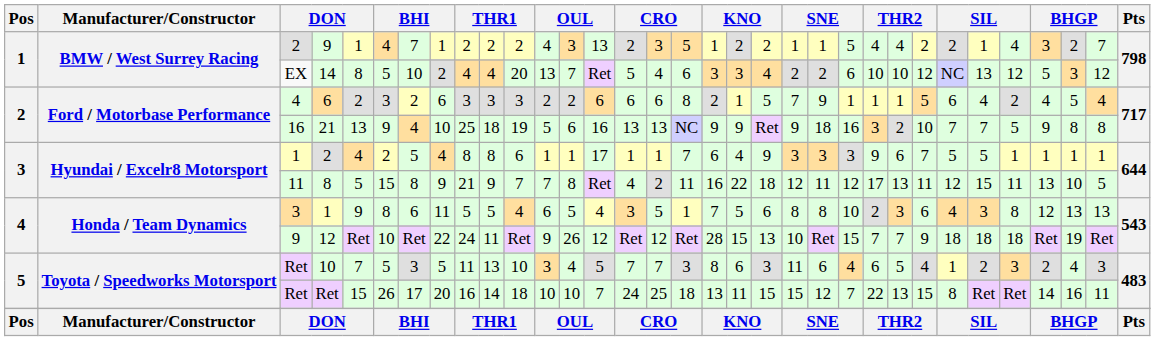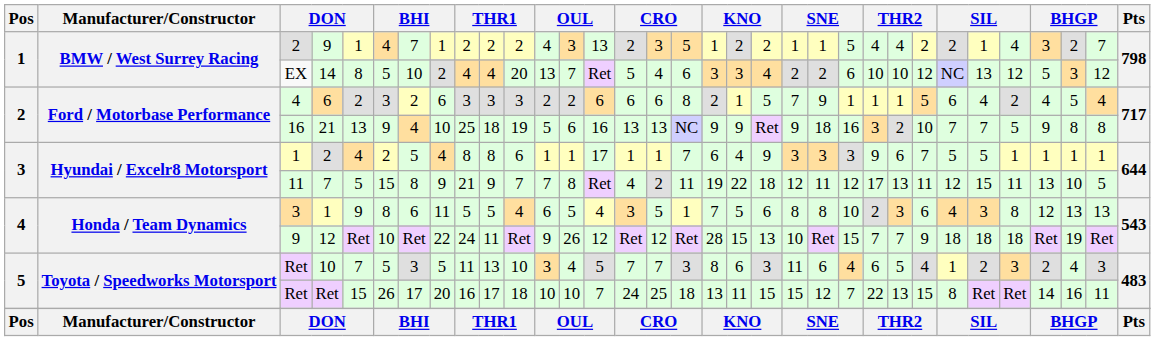 <table class="wikitable" style="font-size: 85%; text-align: center;">
 <tr valign="top">
 <th valign="middle">Pos</th>
 <th valign="middle">Manufacturer/Constructor</th>
 <th colspan="3"><a href='#'>DON</a></th>
 <th colspan="3"><a href='#'>BHI</a></th>
 <th colspan="3"><a href='#'>THR1</a></th>
 <th colspan="3"><a href='#'>OUL</a></th>
 <th colspan="3"><a href='#'>CRO</a></th>
 <th colspan="3"><a href='#'>KNO</a></th>
 <th colspan="3"><a href='#'>SNE</a></th>
 <th colspan="3"><a href='#'>THR2</a></th>
 <th colspan="3"><a href='#'>SIL</a></th>
 <th colspan="3"><a href='#'>BHGP</a></th>
 <th valign=middle>Pts</th>
 </tr>
 <tr>
 <th rowspan=2>1</th>
 <th rowspan=2 align=left><a href='#'>BMW</a> / <a href='#'>West Surrey Racing</a></th>
 <td style="background:#dfdfdf;">2</td>
 <td style="background:#dfffdf;">9</td>
 <td style="background:#ffffbf;">1</td>
 <td style="background:#ffdf9f;">4</td>
 <td style="background:#dfffdf;">7</td>
 <td style="background:#ffffbf;">1</td>
 <td style="background:#ffffbf;">2</td>
 <td style="background:#ffffbf;">2</td>
 <td style="background:#ffffbf;">2</td>
 <td style="background:#dfffdf;">4</td>
 <td style="background:#ffdf9f;">3</td>
 <td style="background:#dfffdf;">13</td>
 <td style="background:#dfdfdf;">2</td>
 <td style="background:#ffdf9f;">3</td>
 <td style="background:#ffdf9f;">5</td>
 <td style="background:#ffffbf;">1</td>
 <td style="background:#dfdfdf;">2</td>
 <td style="background:#ffffbf;">2</td>
 <td style="background:#ffffbf;">1</td>
 <td style="background:#ffffbf;">1</td>
 <td style="background:#dfffdf;">5</td>
 <td style="background:#dfffdf;">4</td>
 <td style="background:#dfffdf;">4</td>
 <td style="background:#ffffbf;">2</td>
 <td style="background:#dfdfdf;">2</td>
 <td style="background:#ffffbf;">1</td>
 <td style="background:#dfffdf;">4</td>
 <td style="background:#ffdf9f;">3</td>
 <td style="background:#dfdfdf;">2</td>
 <td style="background:#dfffdf;">7</td>
 <th rowspan=2>798</th>
 </tr>
 <tr>
 <td>EX</td>
 <td style="background:#dfffdf;">14</td>
 <td style="background:#dfffdf;">8</td>
 <td style="background:#dfffdf;">5</td>
 <td style="background:#dfffdf;">10</td>
 <td style="background:#dfdfdf;">2</td>
 <td style="background:#ffdf9f;">4</td>
 <td style="background:#ffdf9f;">4</td>
 <td style="background:#dfffdf;">20</td>
 <td style="background:#dfffdf;">13</td>
 <td style="background:#dfffdf;">7</td>
 <td style="background:#efcfff;">Ret</td>
 <td style="background:#dfffdf;">5</td>
 <td style="background:#dfffdf;">4</td>
 <td style="background:#dfffdf;">6</td>
 <td style="background:#ffdf9f;">3</td>
 <td style="background:#ffdf9f;">3</td>
 <td style="background:#ffdf9f;">4</td>
 <td style="background:#dfdfdf;">2</td>
 <td style="background:#dfdfdf;">2</td>
 <td style="background:#dfffdf;">6</td>
 <td style="background:#dfffdf;">10</td>
 <td style="background:#dfffdf;">10</td>
 <td style="background:#dfffdf;">12</td>
 <td style="background:#cfcfff;">NC</td>
 <td style="background:#dfffdf;">13</td>
 <td style="background:#dfffdf;">12</td>
 <td style="background:#dfffdf;">5</td>
 <td style="background:#ffdf9f;">3</td>
 <td style="background:#dfffdf;">12</td>
 </tr>
 <tr>
 <th rowspan=2>2</th>
 <th rowspan=2 align=left><a href='#'>Ford</a> / <a href='#'>Motorbase Performance</a></th>
 <td style="background:#dfffdf;">4</td>
 <td style="background:#ffdf9f;">6</td>
 <td style="background:#dfdfdf;">2</td>
 <td style="background:#dfdfdf;">3</td>
 <td style="background:#ffffbf;">2</td>
 <td style="background:#dfffdf;">6</td>
 <td style="background:#dfdfdf;">3</td>
 <td style="background:#dfdfdf;">3</td>
 <td style="background:#dfdfdf;">3</td>
 <td style="background:#dfdfdf;">2</td>
 <td style="background:#dfdfdf;">2</td>
 <td style="background:#ffdf9f;">6</td>
 <td style="background:#dfffdf;">6</td>
 <td style="background:#dfffdf;">6</td>
 <td style="background:#dfffdf;">8</td>
 <td style="background:#dfdfdf;">2</td>
 <td style="background:#ffffbf;">1</td>
 <td style="background:#dfffdf;">5</td>
 <td style="background:#dfffdf;">7</td>
 <td style="background:#dfffdf;">9</td>
 <td style="background:#ffffbf;">1</td>
 <td style="background:#ffffbf;">1</td>
 <td style="background:#ffffbf;">1</td>
 <td style="background:#ffdf9f;">5</td>
 <td style="background:#dfffdf;">6</td>
 <td style="background:#dfffdf;">4</td>
 <td style="background:#dfdfdf;">2</td>
 <td style="background:#dfffdf;">4</td>
 <td style="background:#dfffdf;">5</td>
 <td style="background:#ffdf9f;">4</td>
 <th rowspan=2>717</th>
 </tr>
 <tr>
 <td style="background:#dfffdf;">16</td>
 <td style="background:#dfffdf;">21</td>
 <td style="background:#dfffdf;">13</td>
 <td style="background:#dfffdf;">9</td>
 <td style="background:#ffdf9f;">4</td>
 <td style="background:#dfffdf;">10</td>
 <td style="background:#dfffdf;">25</td>
 <td style="background:#dfffdf;">18</td>
 <td style="background:#dfffdf;">19</td>
 <td style="background:#dfffdf;">5</td>
 <td style="background:#dfffdf;">6</td>
 <td style="background:#dfffdf;">16</td>
 <td style="background:#dfffdf;">13</td>
 <td style="background:#dfffdf;">13</td>
 <td style="background:#cfcfff;">NC</td>
 <td style="background:#dfffdf;">9</td>
 <td style="background:#dfffdf;">9</td>
 <td style="background:#efcfff;">Ret</td>
 <td style="background:#dfffdf;">9</td>
 <td style="background:#dfffdf;">18</td>
 <td style="background:#dfffdf;">16</td>
 <td style="background:#ffdf9f;">3</td>
 <td style="background:#dfdfdf;">2</td>
 <td style="background:#dfffdf;">10</td>
 <td style="background:#dfffdf;">7</td>
 <td style="background:#dfffdf;">7</td>
 <td style="background:#dfffdf;">5</td>
 <td style="background:#dfffdf;">9</td>
 <td style="background:#dfffdf;">8</td>
 <td style="background:#dfffdf;">8</td>
 </tr>
 <tr>
 <th rowspan=2>3</th>
 <th rowspan=2 align=left><a href='#'>Hyundai</a> / <a href='#'>Excelr8 Motorsport</a></th>
 <td style="background:#ffffbf;">1</td>
 <td style="background:#dfdfdf;">2</td>
 <td style="background:#ffdf9f;">4</td>
 <td style="background:#ffffbf;">2</td>
 <td style="background:#dfffdf;">5</td>
 <td style="background:#ffdf9f;">4</td>
 <td style="background:#dfffdf;">8</td>
 <td style="background:#dfffdf;">8</td>
 <td style="background:#dfffdf;">6</td>
 <td style="background:#ffffbf;">1</td>
 <td style="background:#ffffbf;">1</td>
 <td style="background:#dfffdf;">17</td>
 <td style="background:#ffffbf;">1</td>
 <td style="background:#ffffbf;">1</td>
 <td style="background:#dfffdf;">7</td>
 <td style="background:#dfffdf;">6</td>
 <td style="background:#dfffdf;">4</td>
 <td style="background:#dfffdf;">9</td>
 <td style="background:#ffdf9f;">3</td>
 <td style="background:#ffdf9f;">3</td>
 <td style="background:#dfdfdf;">3</td>
 <td style="background:#dfffdf;">9</td>
 <td style="background:#dfffdf;">6</td>
 <td style="background:#dfffdf;">7</td>
 <td style="background:#dfffdf;">5</td>
 <td style="background:#dfffdf;">5</td>
 <td style="background:#ffffbf;">1</td>
 <td style="background:#ffffbf;">1</td>
 <td style="background:#ffffbf;">1</td>
 <td style="background:#ffffbf;">1</td>
 <th rowspan=2>644</th>
 </tr>
 <tr>
 <td style="background:#dfffdf;">11</td>
-<td style="background:#dfffdf;">8</td>
+<td style="background:#dfffdf;">7</td>
 <td style="background:#dfffdf;">5</td>
 <td style="background:#dfffdf;">15</td>
 <td style="background:#dfffdf;">8</td>
 <td style="background:#dfffdf;">9</td>
 <td style="background:#dfffdf;">21</td>
 <td style="background:#dfffdf;">9</td>
 <td style="background:#dfffdf;">7</td>
 <td style="background:#dfffdf;">7</td>
 <td style="background:#dfffdf;">8</td>
 <td style="background:#efcfff;">Ret</td>
 <td style="background:#dfffdf;">4</td>
 <td style="background:#dfdfdf;">2</td>
 <td style="background:#dfffdf;">11</td>
-<td style="background:#dfffdf;">16</td>
+<td style="background:#dfffdf;">19</td>
 <td style="background:#dfffdf;">22</td>
 <td style="background:#dfffdf;">18</td>
 <td style="background:#dfffdf;">12</td>
 <td style="background:#dfffdf;">11</td>
 <td style="background:#dfffdf;">12</td>
 <td style="background:#dfffdf;">17</td>
 <td style="background:#dfffdf;">13</td>
 <td style="background:#dfffdf;">11</td>
 <td style="background:#dfffdf;">12</td>
 <td style="background:#dfffdf;">15</td>
 <td style="background:#dfffdf;">11</td>
 <td style="background:#dfffdf;">13</td>
 <td style="background:#dfffdf;">10</td>
 <td style="background:#dfffdf;">5</td>
 </tr>
 <tr>
 <th rowspan=2>4</th>
 <th rowspan=2 align=left><a href='#'>Honda</a> / <a href='#'>Team Dynamics</a></th>
 <td style="background:#ffdf9f;">3</td>
 <td style="background:#ffffbf;">1</td>
 <td style="background:#dfffdf;">9</td>
 <td style="background:#dfffdf;">8</td>
 <td style="background:#dfffdf;">6</td>
 <td style="background:#dfffdf;">11</td>
 <td style="background:#dfffdf;">5</td>
 <td style="background:#dfffdf;">5</td>
 <td style="background:#ffdf9f;">4</td>
 <td style="background:#dfffdf;">6</td>
 <td style="background:#dfffdf;">5</td>
 <td style="background:#ffffbf;">4</td>
 <td style="background:#ffdf9f;">3</td>
 <td style="background:#dfffdf;">5</td>
 <td style="background:#ffffbf;">1</td>
 <td style="background:#dfffdf;">7</td>
 <td style="background:#dfffdf;">5</td>
 <td style="background:#dfffdf;">6</td>
 <td style="background:#dfffdf;">8</td>
 <td style="background:#dfffdf;">8</td>
 <td style="background:#dfffdf;">10</td>
 <td style="background:#dfdfdf;">2</td>
 <td style="background:#ffdf9f;">3</td>
 <td style="background:#dfffdf;">6</td>
 <td style="background:#ffdf9f;">4</td>
 <td style="background:#ffdf9f;">3</td>
 <td style="background:#dfffdf;">8</td>
 <td style="background:#dfffdf;">12</td>
 <td style="background:#dfffdf;">13</td>
 <td style="background:#dfffdf;">13</td>
 <th rowspan=2>543</th>
 </tr>
 <tr>
 <td style="background:#dfffdf;">9</td>
 <td style="background:#dfffdf;">12</td>
 <td style="background:#efcfff;">Ret</td>
 <td style="background:#dfffdf;">10</td>
 <td style="background:#efcfff;">Ret</td>
 <td style="background:#dfffdf;">22</td>
 <td style="background:#dfffdf;">24</td>
 <td style="background:#dfffdf;">11</td>
 <td style="background:#efcfff;">Ret</td>
 <td style="background:#dfffdf;">9</td>
 <td style="background:#dfffdf;">26</td>
 <td style="background:#dfffdf;">12</td>
 <td style="background:#efcfff;">Ret</td>
 <td style="background:#dfffdf;">12</td>
 <td style="background:#efcfff;">Ret</td>
 <td style="background:#dfffdf;">28</td>
 <td style="background:#dfffdf;">15</td>
 <td style="background:#dfffdf;">13</td>
 <td style="background:#dfffdf;">10</td>
 <td style="background:#efcfff;">Ret</td>
 <td style="background:#dfffdf;">15</td>
 <td style="background:#dfffdf;">7</td>
 <td style="background:#dfffdf;">7</td>
 <td style="background:#dfffdf;">9</td>
 <td style="background:#dfffdf;">18</td>
 <td style="background:#dfffdf;">18</td>
 <td style="background:#dfffdf;">18</td>
 <td style="background:#efcfff;">Ret</td>
 <td style="background:#dfffdf;">19</td>
 <td style="background:#efcfff;">Ret</td>
 </tr>
 <tr>
 <th rowspan=2>5</th>
 <th rowspan=2 align=left nowrap><a href='#'>Toyota</a> / <a href='#'>Speedworks Motorsport</a></th>
 <td style="background:#efcfff;">Ret</td>
 <td style="background:#dfffdf;">10</td>
 <td style="background:#dfffdf;">7</td>
 <td style="background:#dfffdf;">5</td>
 <td style="background:#dfdfdf;">3</td>
 <td style="background:#dfffdf;">5</td>
 <td style="background:#dfffdf;">11</td>
 <td style="background:#dfffdf;">13</td>
 <td style="background:#dfffdf;">10</td>
 <td style="background:#ffdf9f;">3</td>
 <td style="background:#dfffdf;">4</td>
 <td style="background:#dfdfdf;">5</td>
 <td style="background:#dfffdf;">7</td>
 <td style="background:#dfffdf;">7</td>
 <td style="background:#dfdfdf;">3</td>
 <td style="background:#dfffdf;">8</td>
 <td style="background:#dfffdf;">6</td>
 <td style="background:#dfdfdf;">3</td>
 <td style="background:#dfffdf;">11</td>
 <td style="background:#dfffdf;">6</td>
 <td style="background:#ffdf9f;">4</td>
 <td style="background:#dfffdf;">6</td>
 <td style="background:#dfffdf;">5</td>
 <td style="background:#dfdfdf;">4</td>
 <td style="background:#ffffbf;">1</td>
 <td style="background:#dfdfdf;">2</td>
 <td style="background:#ffdf9f;">3</td>
 <td style="background:#dfdfdf;">2</td>
 <td style="background:#dfffdf;">4</td>
 <td style="background:#dfdfdf;">3</td>
 <th rowspan=2>483</th>
 </tr>
 <tr>
 <td style="background:#efcfff;">Ret</td>
 <td style="background:#efcfff;">Ret</td>
 <td style="background:#dfffdf;">15</td>
 <td style="background:#dfffdf;">26</td>
 <td style="background:#dfffdf;">17</td>
 <td style="background:#dfffdf;">20</td>
 <td style="background:#dfffdf;">16</td>
-<td style="background:#dfffdf;">14</td>
+<td style="background:#dfffdf;">17</td>
 <td style="background:#dfffdf;">18</td>
 <td style="background:#dfffdf;">10</td>
 <td style="background:#dfffdf;">10</td>
 <td style="background:#dfffdf;">7</td>
 <td style="background:#dfffdf;">24</td>
 <td style="background:#dfffdf;">25</td>
 <td style="background:#dfffdf;">18</td>
 <td style="background:#dfffdf;">13</td>
 <td style="background:#dfffdf;">11</td>
 <td style="background:#dfffdf;">15</td>
 <td style="background:#dfffdf;">15</td>
 <td style="background:#dfffdf;">12</td>
 <td style="background:#dfffdf;">7</td>
 <td style="background:#dfffdf;">22</td>
 <td style="background:#dfffdf;">13</td>
 <td style="background:#dfffdf;">15</td>
 <td style="background:#dfffdf;">8</td>
 <td style="background:#efcfff;">Ret</td>
 <td style="background:#efcfff;">Ret</td>
 <td style="background:#dfffdf;">14</td>
 <td style="background:#dfffdf;">16</td>
 <td style="background:#dfffdf;">11</td>
 </tr>
 <tr>
 </tr>
 <tr valign="top">
 <th valign="middle">Pos</th>
 <th valign="middle">Manufacturer/Constructor</th>
 <th colspan="3"><a href='#'>DON</a></th>
 <th colspan="3"><a href='#'>BHI</a></th>
 <th colspan="3"><a href='#'>THR1</a></th>
 <th colspan="3"><a href='#'>OUL</a></th>
 <th colspan="3"><a href='#'>CRO</a></th>
 <th colspan="3"><a href='#'>KNO</a></th>
 <th colspan="3"><a href='#'>SNE</a></th>
 <th colspan="3"><a href='#'>THR2</a></th>
 <th colspan="3"><a href='#'>SIL</a></th>
 <th colspan="3"><a href='#'>BHGP</a></th>
 <th valign=middle>Pts</th>
 </tr>
 </table>
